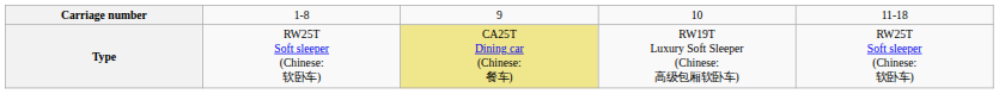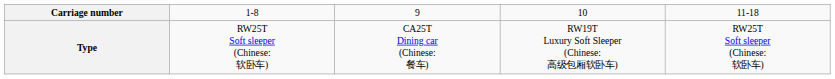 <table class="wikitable" style="text-align: center; font-size: small;">
 <tr>
 <th>Carriage number</th>
 <td>1-8</td>
 <td>9</td>
 <td>10</td>
 <td>11-18</td>
 </tr>
 <tr>
 <th style="width: 10%;">Type</th>
 <td style="width: 10%;">RW25T<br><a href='#'>Soft sleeper</a><br>(Chinese:<br>软卧车)</td>
-<td style="background: khaki; width: 10%;">CA25T<br><a href='#'>Dining car</a><br>(Chinese:<br>餐车)</td>
+<td style="width: 10%;">CA25T<br><a href='#'>Dining car</a><br>(Chinese:<br>餐车)</td>
 <td style="width: 10%;">RW19T<br>Luxury Soft Sleeper<br>(Chinese:<br>高级包厢软卧车)</td>
 <td style="width: 10%;">RW25T<br><a href='#'>Soft sleeper</a><br>(Chinese:<br>软卧车)</td>
 </tr>
 </table>
